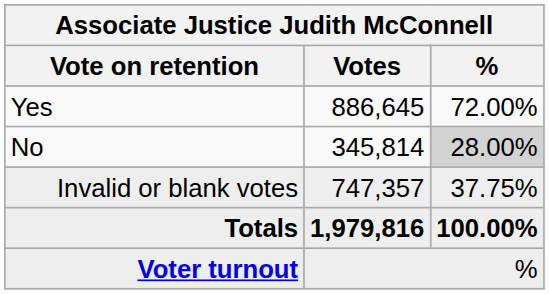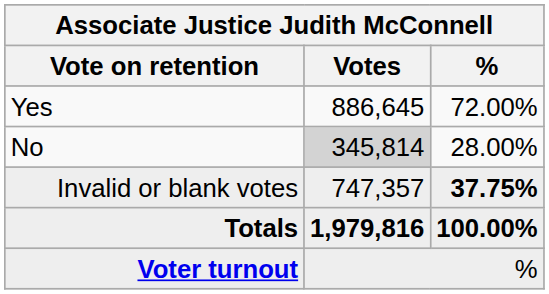 <table class="wikitable" style="font-size: 95%;">
 <tr style="background-color:#E9E9E9">
 <th colspan=7>Associate Justice Judith McConnell</th>
 </tr>
 <tr style="background-color:#E9E9E9">
 <th style="width: 170px">Vote on retention</th>
 <th style="width: 50px">Votes</th>
 <th style="width: 40px">%</th>
 </tr>
 <tr>
 <td>Yes</td>
 <td align="right">886,645</td>
 <td align="right">72.00%</td>
 </tr>
 <tr>
 <td>No</td>
-<td align="right">345,814</td>
-<td align="right" style="background: lightgrey;">28.00%</td>
+<td align="right" style="background: lightgrey;">345,814</td>
+<td align="right">28.00%</td>
 </tr>
 <tr bgcolor="#EEEEEE">
 <td align="right">Invalid or blank votes</td>
 <td align="right">747,357</td>
-<td align="right">37.75%</td>
+<td align="right"><strong>37.75%</strong></td>
 </tr>
 <tr bgcolor="#EEEEEE">
 <td align="right"><strong>Totals</strong></td>
 <td align="right"><strong>1,979,816</strong></td>
 <td align="right"><strong>100.00%</strong></td>
 </tr>
 <tr bgcolor="#EEEEEE">
 <td align="right"><strong><a href='#'>Voter turnout</a></strong></td>
 <td colspan="2" align="right">%</td>
 </tr>
 </table>
